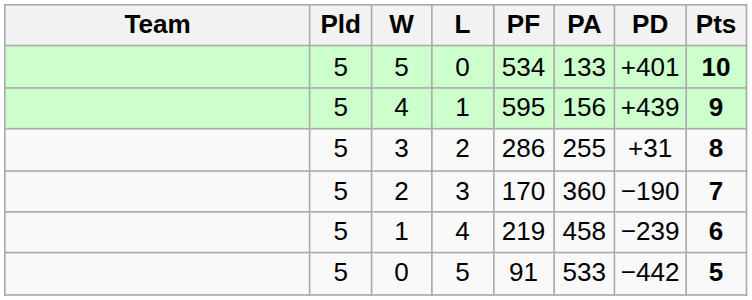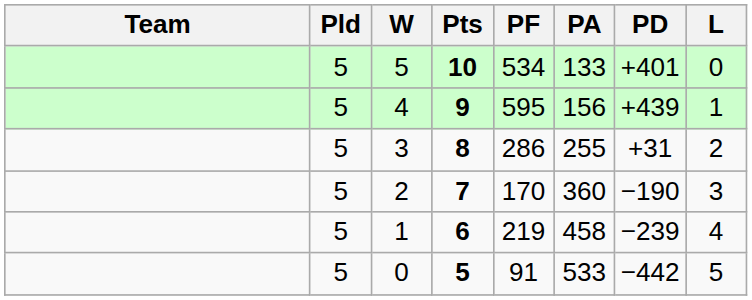 <table class=wikitable style="text-align:center">
 <tr>
 <th width=180>Team</th>
 <th width=30>Pld</th>
 <th width=30>W</th>
-<th width=30>L</th>
+<th width=30>Pts</th>
 <th width=30>PF</th>
 <th width=30>PA</th>
 <th width=30>PD</th>
-<th width=30>Pts</th>
+<th width=30>L</th>
 </tr>
 <tr align=center bgcolor="#ccffcc">
 <td align=left></td>
 <td>5</td>
 <td>5</td>
-<td>0</td>
+<td><strong>10</strong></td>
 <td>534</td>
 <td>133</td>
 <td>+401</td>
-<td><strong>10</strong></td>
+<td>0</td>
 </tr>
 <tr align=center bgcolor="#ccffcc">
 <td align=left></td>
 <td>5</td>
 <td>4</td>
-<td>1</td>
+<td><strong>9</strong></td>
 <td>595</td>
 <td>156</td>
 <td>+439</td>
-<td><strong>9</strong></td>
+<td>1</td>
 </tr>
 <tr align=center>
 <td align=left></td>
 <td>5</td>
 <td>3</td>
-<td>2</td>
+<td><strong>8</strong></td>
 <td>286</td>
 <td>255</td>
 <td>+31</td>
-<td><strong>8</strong></td>
+<td>2</td>
 </tr>
 <tr align=center>
 <td align=left></td>
 <td>5</td>
 <td>2</td>
-<td>3</td>
+<td><strong>7</strong></td>
 <td>170</td>
 <td>360</td>
 <td>−190</td>
-<td><strong>7</strong></td>
+<td>3</td>
 </tr>
 <tr align=center>
 <td align=left></td>
 <td>5</td>
 <td>1</td>
-<td>4</td>
+<td><strong>6</strong></td>
 <td>219</td>
 <td>458</td>
 <td>−239</td>
-<td><strong>6</strong></td>
+<td>4</td>
 </tr>
 <tr align=center>
 <td align=left></td>
 <td>5</td>
 <td>0</td>
-<td>5</td>
+<td><strong>5</strong></td>
 <td>91</td>
 <td>533</td>
 <td>−442</td>
-<td><strong>5</strong></td>
+<td>5</td>
 </tr>
 </table>
